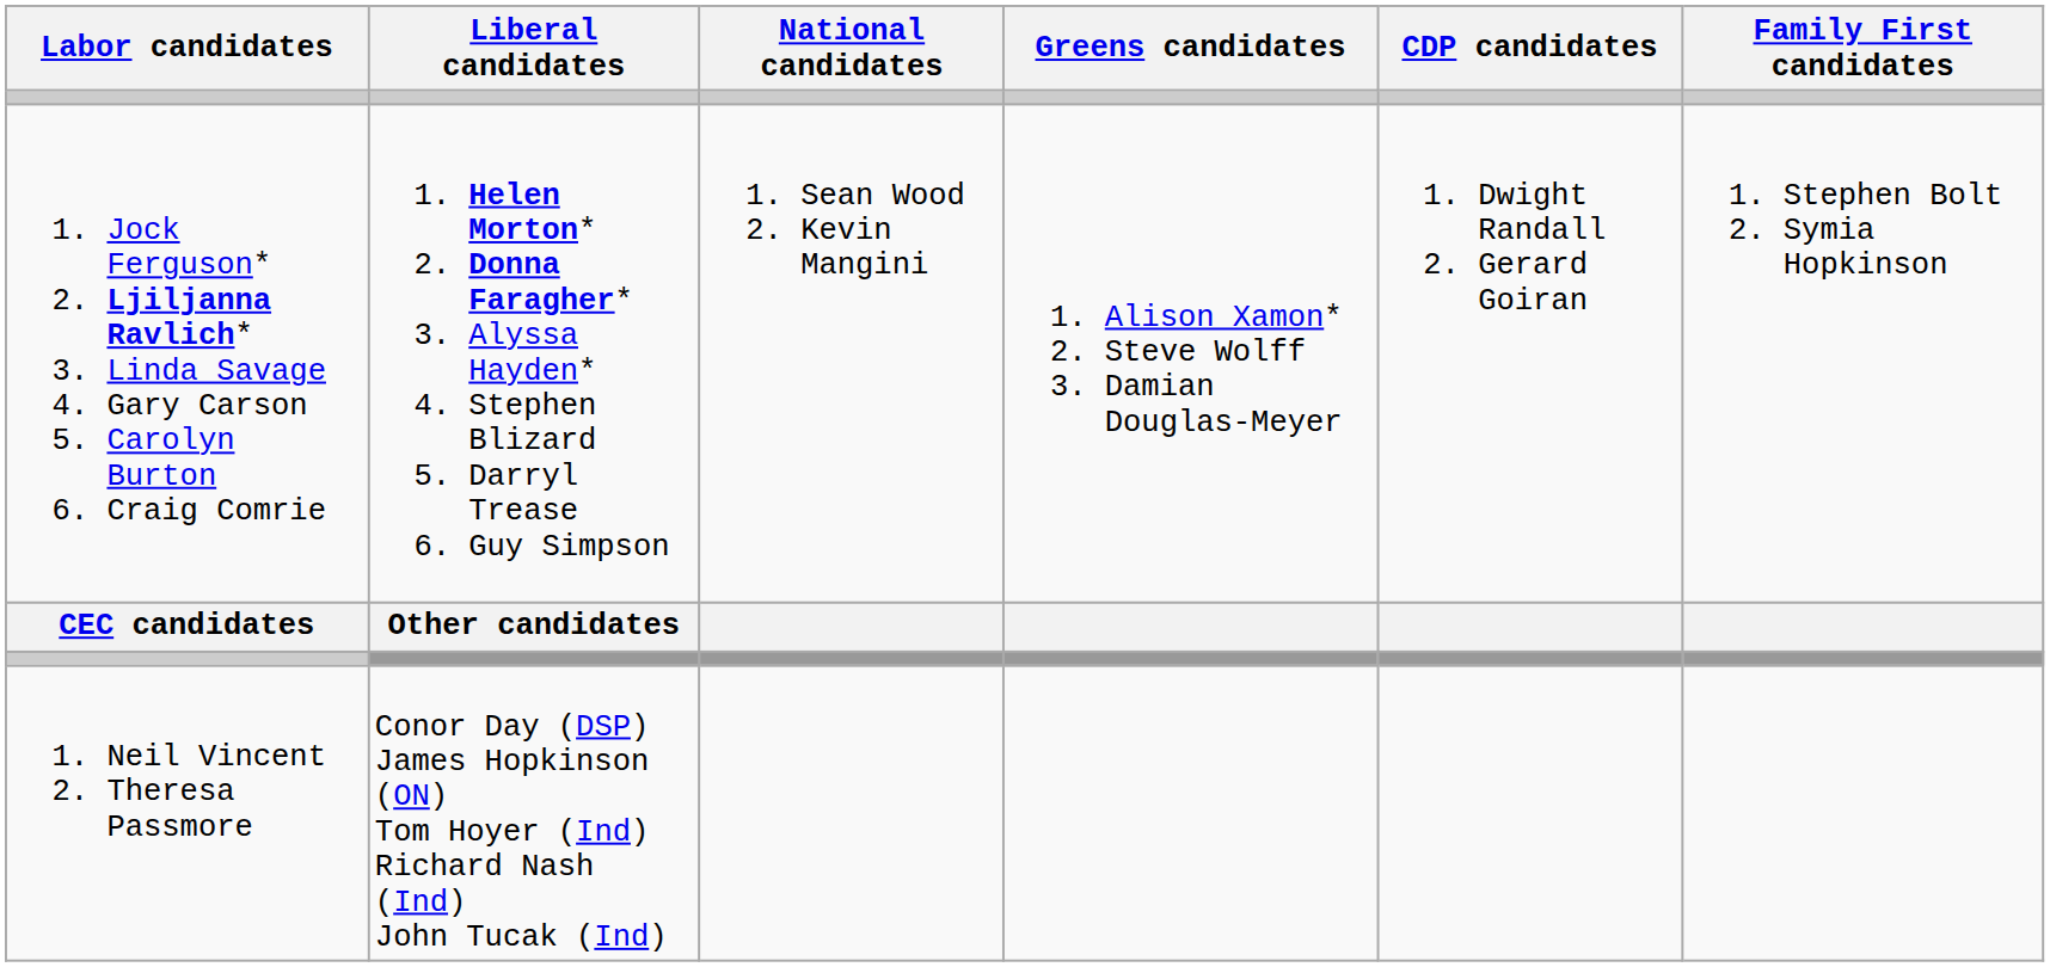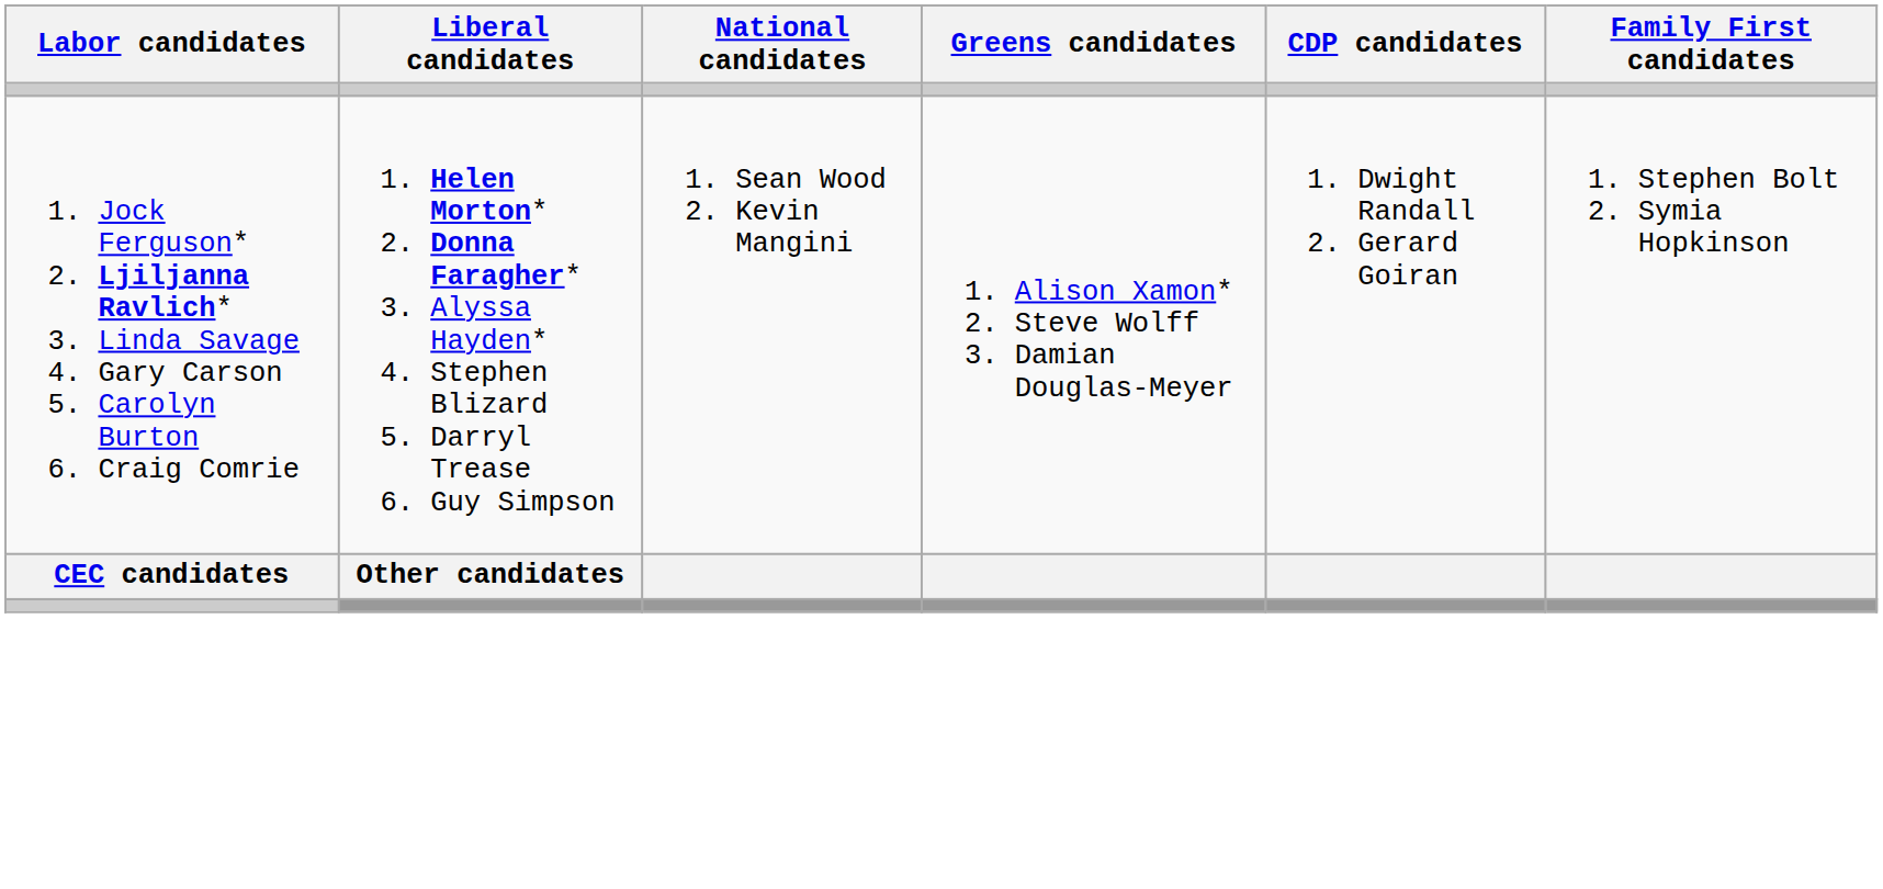 <table class="wikitable">
 <tr>
 <th><a href='#'>Labor</a> candidates</th>
 <th><a href='#'>Liberal</a> candidates</th>
 <th><a href='#'>National</a> candidates</th>
 <th><a href='#'>Greens</a> candidates</th>
 <th><a href='#'>CDP</a> candidates</th>
 <th><a href='#'>Family First</a> candidates</th>
 </tr>
 <tr bgcolor="#cccccc">
 <td></td>
 <td></td>
 <td></td>
 <td></td>
 <td></td>
 <td></td>
 </tr>
 <tr>
 <td><br><ol><li><a href='#'>Jock Ferguson</a>*</li><li><strong><a href='#'>Ljiljanna Ravlich</a></strong>*</li><li><a href='#'>Linda Savage</a></li><li>Gary Carson</li><li><a href='#'>Carolyn Burton</a></li><li>Craig Comrie</li></ol></td>
 <td><br><ol><li><strong><a href='#'>Helen Morton</a></strong>*</li><li><strong><a href='#'>Donna Faragher</a></strong>*</li><li><a href='#'>Alyssa Hayden</a>*</li><li>Stephen Blizard</li><li>Darryl Trease</li><li>Guy Simpson</li></ol></td>
 <td valign=top><br><ol><li>Sean Wood</li><li>Kevin Mangini</li></ol></td>
 <td><br><ol><li><a href='#'>Alison Xamon</a>*</li><li>Steve Wolff</li><li>Damian Douglas-Meyer</li></ol></td>
 <td valign=top><br><ol><li>Dwight Randall</li><li>Gerard Goiran</li></ol></td>
 <td valign=top><br><ol><li>Stephen Bolt</li><li>Symia Hopkinson</li></ol></td>
 </tr>
 <tr bgcolor="#cccccc">
 <th><a href='#'>CEC</a> candidates</th>
 <th>Other candidates</th>
 <th></th>
 <th></th>
 <th></th>
 <th></th>
 </tr>
 <tr bgcolor="#cccccc">
 <td></td>
 <td bgcolor="#999999"></td>
 <td bgcolor="#999999"></td>
 <td bgcolor="#999999"></td>
 <td bgcolor="#999999"></td>
 <td bgcolor="#999999"></td>
 </tr>
-<tr>
-<td valign=top><br><ol><li>Neil Vincent</li><li>Theresa Passmore</li></ol></td>
-<td valign=top><br>Conor Day (<a href='#'>DSP</a>) <br> James Hopkinson (<a href='#'>ON</a>) <br> Tom Hoyer (<a href='#'>Ind</a>) <br> Richard Nash (<a href='#'>Ind</a>) <br> John Tucak (<a href='#'>Ind</a>)</td>
-<td valign=top></td>
-<td valign=top></td>
-<td valign=top></td>
-<td valign=top></td>
-</tr>
 </table>
